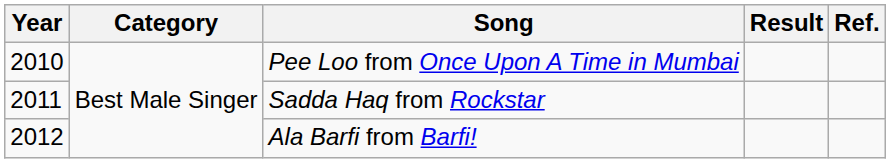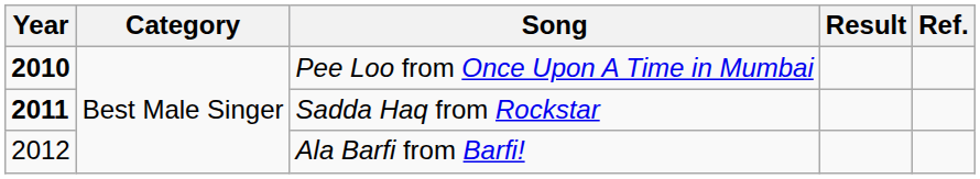 <table class="wikitable">
 <tr ---- bgcolor="#ebf5ff">
 <th>Year</th>
 <th>Category</th>
 <th>Song</th>
 <th>Result</th>
 <th>Ref.</th>
 </tr>
 <tr>
-<td>2010</td>
+<td><strong>2010</strong></td>
 <td rowspan="3">Best Male Singer</td>
 <td><em>Pee Loo</em> from <em><a href='#'>Once Upon A Time in Mumbai</a></em></td>
 <td></td>
 <td></td>
 </tr>
 <tr>
-<td>2011</td>
+<td><strong>2011</strong></td>
 <td><em>Sadda Haq</em> from <em><a href='#'>Rockstar</a></em></td>
 <td></td>
 <td></td>
 </tr>
 <tr>
 <td>2012</td>
 <td><em>Ala Barfi</em> from <em><a href='#'>Barfi!</a></em></td>
 <td></td>
 <td></td>
 </tr>
 </table>
